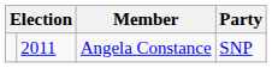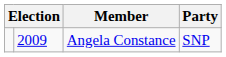 <table class="wikitable">
 <tr>
 <th colspan="2">Election</th>
 <th>Member</th>
 <th>Party</th>
 </tr>
 <tr>
 <td style="background-color: "></td>
-<td><a href='#'>2011</a></td>
+<td><a href='#'>2009</a></td>
 <td><a href='#'>Angela Constance</a></td>
 <td><a href='#'>SNP</a></td>
 </tr>
 </table>
